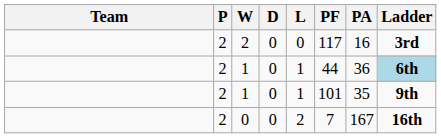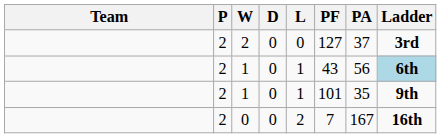 <table class="wikitable">
 <tr>
 <th width="200" bgcolor="#efefef">Team</th>
 <th>P</th>
 <th width="20" bgcolor="#efefef">W</th>
 <th width="20" bgcolor="#efefef">D</th>
 <th width="20" bgcolor="#efefef">L</th>
 <th width="20" bgcolor="#efefef">PF</th>
 <th width="20" bgcolor="#efefef">PA</th>
 <th width="20" bgcolor="#efefef">Ladder</th>
 </tr>
 <tr align="center">
 <td align="left"></td>
 <td>2</td>
 <td>2</td>
 <td>0</td>
 <td>0</td>
-<td>117</td>
-<td>16</td>
+<td>127</td>
+<td>37</td>
 <td><strong>3rd</strong></td>
 </tr>
 <tr align="center">
 <td align="left"></td>
 <td>2</td>
 <td>1</td>
 <td>0</td>
 <td>1</td>
-<td>44</td>
-<td>36</td>
+<td>43</td>
+<td>56</td>
 <td style="background: lightblue;"><strong>6th</strong></td>
 </tr>
 <tr align="center">
 <td align="left"></td>
 <td>2</td>
 <td>1</td>
 <td>0</td>
 <td>1</td>
 <td>101</td>
 <td>35</td>
 <td><strong>9th</strong></td>
 </tr>
 <tr align="center">
 <td align="left"></td>
 <td>2</td>
 <td>0</td>
 <td>0</td>
 <td>2</td>
 <td>7</td>
 <td>167</td>
 <td><strong>16th</strong></td>
 </tr>
 </table>
